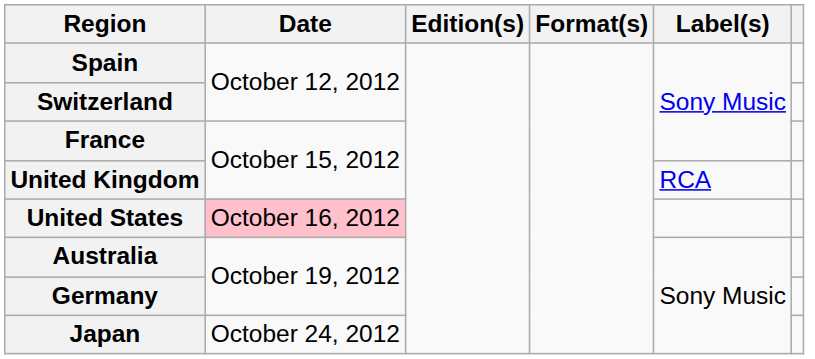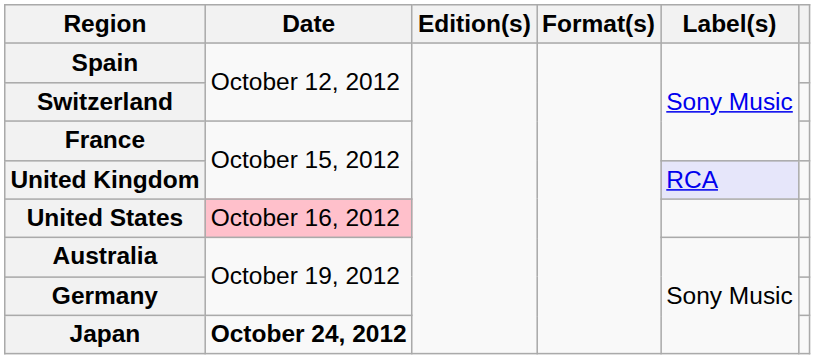 <table class="wikitable sortable plainrowheaders">
 <tr>
 <th scope="col">Region</th>
 <th scope="col">Date</th>
 <th scope="col">Edition(s)</th>
 <th scope="col">Format(s)</th>
 <th scope="col">Label(s)</th>
 <th scope="col"></th>
 </tr>
 <tr>
 <th scope="row">Spain</th>
 <td rowspan="2">October 12, 2012</td>
 <td rowspan="8"></td>
 <td rowspan="8"></td>
 <td rowspan="3"><a href='#'>Sony Music</a></td>
 <td></td>
 </tr>
 <tr>
 <th scope="row">Switzerland</th>
 <td></td>
 </tr>
 <tr>
 <th scope="row">France</th>
 <td rowspan="2">October 15, 2012</td>
 <td></td>
 </tr>
 <tr>
 <th scope="row">United Kingdom</th>
-<td><a href='#'>RCA</a></td>
+<td style="background: lavender;"><a href='#'>RCA</a></td>
 <td></td>
 </tr>
 <tr>
 <th scope="row">United States</th>
 <td style="background: pink;">October 16, 2012</td>
 <td></td>
 <td></td>
 </tr>
 <tr>
 <th scope="row">Australia</th>
 <td rowspan="2">October 19, 2012</td>
 <td rowspan="3">Sony Music</td>
 <td></td>
 </tr>
 <tr>
 <th scope="row">Germany</th>
 <td></td>
 </tr>
 <tr>
 <th scope="row">Japan</th>
-<td>October 24, 2012</td>
+<td><strong>October 24, 2012</strong></td>
 <td></td>
 </tr>
 </table>
